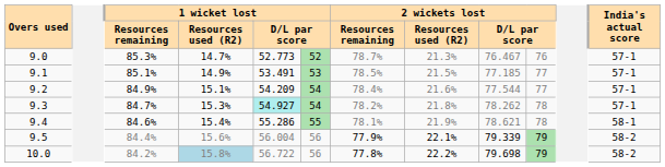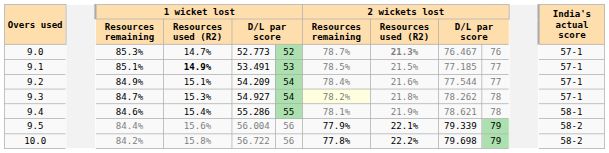 <table class="wikitable" style="float: center; margin: 1em 1em 1em 1em; text-align:center;">
 <tr>
 <th rowspan="2" width="100pt" style="background: #ffdead;">Overs used</th>
 <th style="border-style:solid;border-color:white;" rowspan="9" width="50pt"></th>
 <th style="border-width:0 0 0 3px;border-style:solid;border-color:pale grey;background:#ffdead;" colspan="4" width="100pt">1 wicket lost</th>
 <th colspan="4" style="background: #ffdead;">2 wickets lost</th>
 <th style="border-style:solid;border-color:white;" rowspan="9" width="50pt"></th>
 <th style="border-width:0 0 0 3px;border-style:solid;border-color:pale grey;background:#ffdead;" rowspan="2" width="100pt">India's actual score</th>
 </tr>
 <tr>
 <td width="100pt" style="background: #ffdead;"><strong>Resources remaining</strong></td>
 <td width="100pt" style="background: #ffdead;"><strong>Resources used (R2)</strong></td>
 <td width="100pt" colspan="2" style="background: #ffdead;"><strong>D/L par score</strong></td>
 <td width="100pt" style="background: #ffdead;"><strong>Resources remaining</strong></td>
 <td width="100pt" style="background: #ffdead;"><strong>Resources used (R2)</strong></td>
 <td width="100pt" colspan="2" style="background: #ffdead;"><strong>D/L par score</strong></td>
 </tr>
 <tr>
 <td>9.0</td>
 <td>85.3%</td>
 <td>14.7%</td>
 <td width="60pt">52.773</td>
 <td style="background: #ACE1AF;" width="40pt">52</td>
 <td style="color:grey;">78.7%</td>
-<td style="color:grey;">21.3%</td>
+<td style="color:grey;"><strong>21.3%</strong></td>
 <td width="60pt" style="color:grey;">76.467</td>
 <td width="40pt" style="color:grey;">76</td>
 <td>57-1</td>
 </tr>
 <tr>
 <td>9.1</td>
 <td>85.1%</td>
-<td>14.9%</td>
+<td><strong>14.9%</strong></td>
 <td>53.491</td>
 <td style="background: #ACE1AF;">53</td>
 <td style="color:grey;">78.5%</td>
 <td style="color:grey;">21.5%</td>
 <td style="color:grey;">77.185</td>
 <td style="color:grey;">77</td>
 <td>57-1</td>
 </tr>
 <tr>
 <td>9.2</td>
 <td>84.9%</td>
 <td>15.1%</td>
 <td>54.209</td>
 <td style="background: #ACE1AF;">54</td>
 <td style="color:grey;">78.4%</td>
 <td style="color:grey;">21.6%</td>
 <td style="color:grey;">77.544</td>
 <td style="color:grey;">77</td>
 <td>57-1</td>
 </tr>
 <tr>
 <td>9.3</td>
 <td>84.7%</td>
 <td>15.3%</td>
-<td style="background: paleturquoise;">54.927</td>
+<td>54.927</td>
 <td style="background: #ACE1AF;">54</td>
-<td style="color:grey;">78.2%</td>
+<td style="background: lightyellow; color:grey;">78.2%</td>
 <td style="color:grey;">21.8%</td>
 <td style="color:grey;">78.262</td>
 <td style="color:grey;">78</td>
 <td>57-1</td>
 </tr>
 <tr>
 <td>9.4</td>
 <td>84.6%</td>
 <td>15.4%</td>
 <td>55.286</td>
 <td style="background: #ACE1AF;">55</td>
 <td style="color:grey;">78.1%</td>
 <td style="color:grey;">21.9%</td>
 <td style="color:grey;">78.621</td>
 <td style="color:grey;">78</td>
 <td>58-1</td>
 </tr>
 <tr>
 <td>9.5</td>
 <td style="color:grey;">84.4%</td>
 <td style="color:grey;">15.6%</td>
 <td style="color:grey;">56.004</td>
 <td style="color:grey;">56</td>
 <td>77.9%</td>
 <td>22.1%</td>
 <td>79.339</td>
 <td style="background: #ACE1AF;">79</td>
 <td>58-2</td>
 </tr>
 <tr>
 <td>10.0</td>
 <td style="color:grey;">84.2%</td>
-<td style="background: lightblue; color:grey;">15.8%</td>
+<td style="color:grey;">15.8%</td>
 <td style="color:grey;">56.722</td>
 <td style="color:grey;">56</td>
 <td>77.8%</td>
 <td>22.2%</td>
 <td>79.698</td>
 <td style="background: #ACE1AF;">79</td>
 <td>58-2</td>
 </tr>
 </table>
